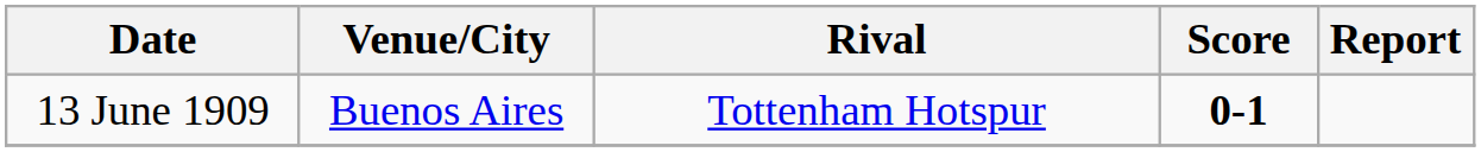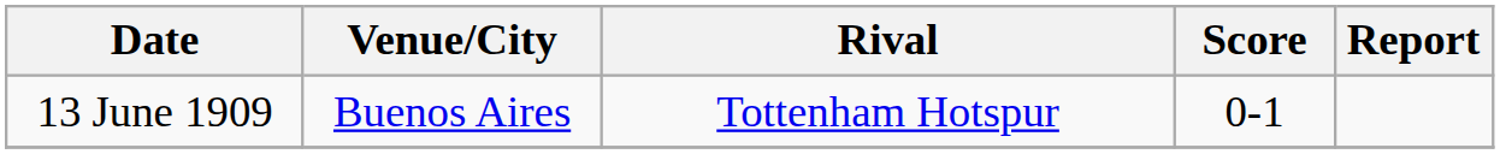 <table class="wikitable" style="text-align:center">
 <tr>
 <th width=100px>Date</th>
 <th width=100px>Venue/City</th>
 <th width=200px>Rival</th>
 <th width=50px>Score</th>
 <th width=50px>Report</th>
 </tr>
 <tr>
 <td>13 June 1909</td>
 <td><a href='#'>Buenos Aires</a></td>
 <td><a href='#'>Tottenham Hotspur</a></td>
-<td><strong>0-1</strong></td>
+<td>0-1</td>
 <td></td>
 </tr>
 <tr>
 </tr>
 </table>
